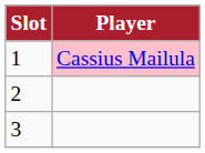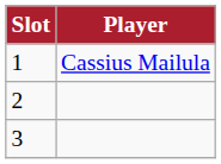 <table class="wikitable" style="text-align:left; margin-left:1em; font-size:95%;">
 <tr>
 <th style="background:#AB1E2D; color:white; text-align:center;">Slot</th>
 <th style="background:#AB1E2D; color:white; text-align:center;">Player</th>
 </tr>
 <tr>
 <td>1</td>
-<td style="background: pink;"> <a href='#'>Cassius Mailula</a></td>
+<td> <a href='#'>Cassius Mailula</a></td>
 </tr>
 <tr>
 <td>2</td>
 <td></td>
 </tr>
 <tr>
 <td>3</td>
 <td></td>
 </tr>
 <tr>
 </tr>
 </table>
